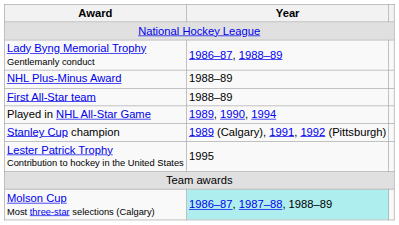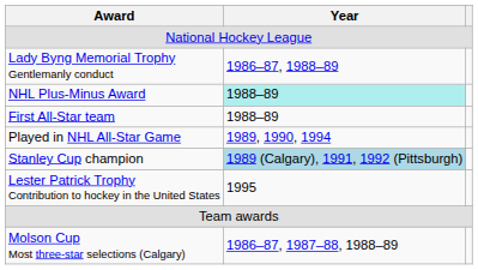 <table class="wikitable">
 <tr>
 <th>Award</th>
 <th>Year</th>
 <th></th>
 </tr>
 <tr ALIGN="center" bgcolor="#e0e0e0">
 <td colspan="3"><a href='#'>National Hockey League</a></td>
 </tr>
 <tr>
 <td><a href='#'>Lady Byng Memorial Trophy</a><br><small>Gentlemanly conduct</small></td>
 <td><a href='#'>1986–87</a>, <a href='#'>1988–89</a></td>
 <td></td>
 </tr>
 <tr>
 <td><a href='#'>NHL Plus-Minus Award</a></td>
-<td>1988–89</td>
+<td style="background: paleturquoise;">1988–89</td>
 <td></td>
 </tr>
 <tr>
 <td><a href='#'>First All-Star team</a></td>
 <td>1988–89</td>
 <td></td>
 </tr>
 <tr>
 <td>Played in <a href='#'>NHL All-Star Game</a></td>
 <td><a href='#'>1989</a>, <a href='#'>1990</a>, <a href='#'>1994</a></td>
 <td></td>
 </tr>
 <tr>
 <td><a href='#'>Stanley Cup</a> champion</td>
-<td><a href='#'>1989</a> (Calgary), <a href='#'>1991</a>, <a href='#'>1992</a> (Pittsburgh)</td>
+<td style="background: lightblue;"><a href='#'>1989</a> (Calgary), <a href='#'>1991</a>, <a href='#'>1992</a> (Pittsburgh)</td>
 <td></td>
 </tr>
 <tr>
 <td><a href='#'>Lester Patrick Trophy</a><br><small>Contribution to hockey in the United States</small></td>
 <td>1995</td>
 <td></td>
 </tr>
 <tr ALIGN="center" bgcolor="#e0e0e0">
 <td colspan="3">Team awards</td>
 </tr>
 <tr>
 <td><a href='#'>Molson Cup</a> <br><small>Most <a href='#'>three-star</a> selections (Calgary)<br></small></td>
-<td style="background: paleturquoise;"><a href='#'>1986–87</a>, <a href='#'>1987–88</a>, 1988–89</td>
+<td><a href='#'>1986–87</a>, <a href='#'>1987–88</a>, 1988–89</td>
 <td></td>
 </tr>
 </table>
